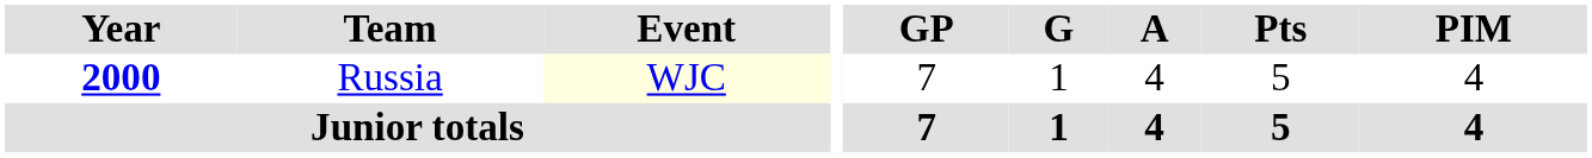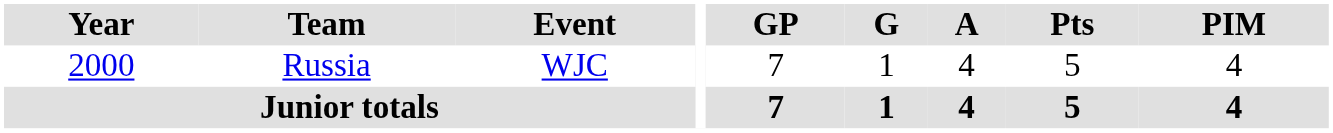 <table border="0" cellpadding="1" cellspacing="0" ID="Table3" style="text-align:center; width:40em">
 <tr ALIGN="center" bgcolor="#e0e0e0">
 <th>Year</th>
 <th>Team</th>
 <th>Event</th>
 <th rowspan="99" bgcolor="#ffffff"></th>
 <th>GP</th>
 <th>G</th>
 <th>A</th>
 <th>Pts</th>
 <th>PIM</th>
 </tr>
 <tr>
-<td><strong><a href='#'>2000</a></strong></td>
+<td><a href='#'>2000</a></td>
 <td><a href='#'>Russia</a></td>
-<td style="background: lightyellow;"><a href='#'>WJC</a></td>
+<td><a href='#'>WJC</a></td>
 <td>7</td>
 <td>1</td>
 <td>4</td>
 <td>5</td>
 <td>4</td>
 </tr>
 <tr bgcolor="#e0e0e0">
 <th colspan="3">Junior totals</th>
 <th>7</th>
 <th>1</th>
 <th>4</th>
 <th>5</th>
 <th>4</th>
 </tr>
 </table>
